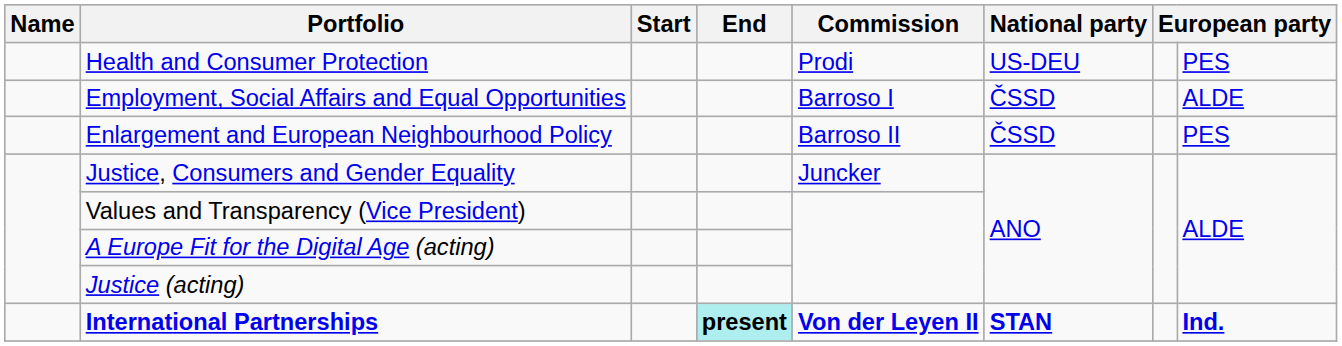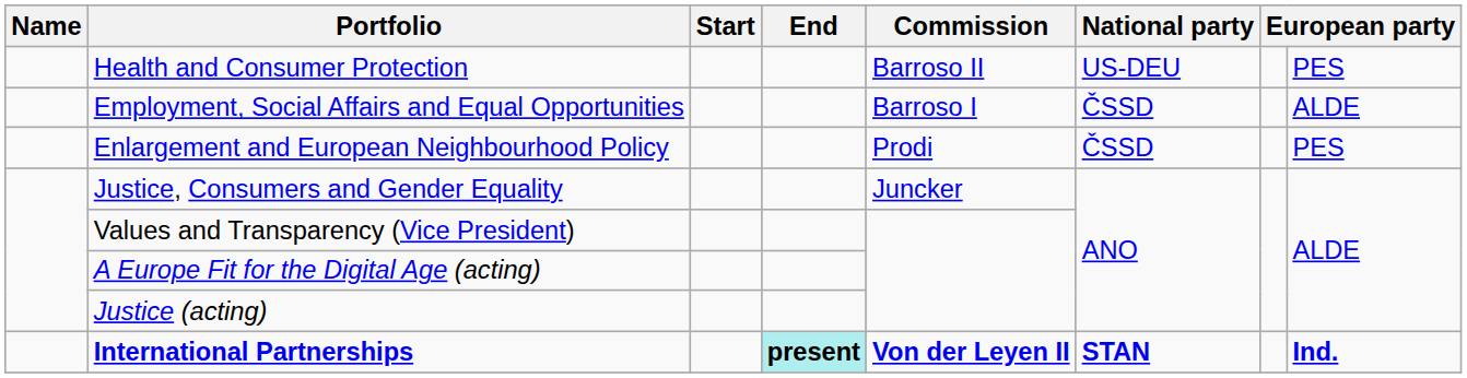 <table class="wikitable sortable" style="font-size: 90%;">
 <tr>
 <th>Name</th>
 <th>Portfolio</th>
 <th>Start</th>
 <th>End</th>
 <th>Commission</th>
 <th>National party</th>
 <th colspan=2>European party</th>
 </tr>
 <tr>
 <td></td>
 <td><a href='#'>Health and Consumer Protection</a></td>
 <td></td>
 <td></td>
-<td><a href='#'>Prodi</a></td>
+<td><a href='#'>Barroso II</a></td>
 <td><a href='#'>US-DEU</a></td>
 <td style="background:"></td>
 <td><a href='#'>PES</a></td>
 </tr>
 <tr>
 <td></td>
 <td><a href='#'>Employment, Social Affairs and Equal Opportunities</a></td>
 <td></td>
 <td></td>
 <td><a href='#'>Barroso I</a></td>
 <td><a href='#'>ČSSD</a></td>
 <td style="background:"></td>
 <td><a href='#'>ALDE</a></td>
 </tr>
 <tr>
 <td></td>
 <td><a href='#'>Enlargement and European Neighbourhood Policy</a></td>
 <td></td>
 <td></td>
-<td><a href='#'>Barroso II</a></td>
+<td><a href='#'>Prodi</a></td>
 <td><a href='#'>ČSSD</a></td>
 <td style="background:"></td>
 <td><a href='#'>PES</a></td>
 </tr>
 <tr>
 <td rowspan=4></td>
 <td><a href='#'>Justice</a>, <a href='#'>Consumers and Gender Equality</a></td>
 <td></td>
 <td></td>
 <td><a href='#'>Juncker</a></td>
 <td rowspan=4><a href='#'>ANO</a></td>
 <td rowspan=4 style="background:"></td>
 <td rowspan=4><a href='#'>ALDE</a></td>
 </tr>
 <tr>
 <td>Values and Transparency (<a href='#'>Vice President</a>)</td>
 <td></td>
 <td></td>
 <td rowspan=3></td>
 </tr>
 <tr>
 <td><em><a href='#'>A Europe Fit for the Digital Age</a> (acting)</em></td>
 <td><em></em></td>
 <td><em></em></td>
 </tr>
 <tr>
 <td><em><a href='#'>Justice</a> (acting)</em></td>
 <td><em></em></td>
 <td><em></em></td>
 </tr>
 <tr>
 <td><strong></strong></td>
 <td><strong><a href='#'>International Partnerships</a></strong></td>
 <td><strong></strong></td>
 <td style="background: paleturquoise;"><strong>present</strong></td>
 <td><strong><a href='#'>Von der Leyen II</a></strong></td>
 <td><strong><a href='#'>STAN</a></strong></td>
 <td style="background:"></td>
 <td><strong><a href='#'>Ind.</a></strong></td>
 </tr>
 </table>
